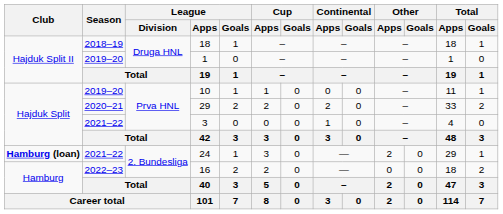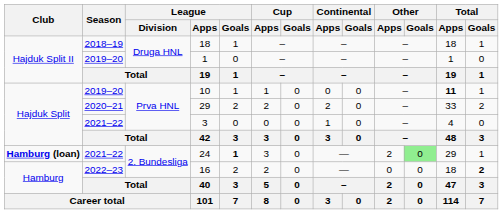 <table class="wikitable" style="text-align: center">
 <tr>
 <th rowspan="2">Club</th>
 <th rowspan="2">Season</th>
 <th colspan="3">League</th>
 <th colspan="2">Cup</th>
 <th colspan="2">Continental</th>
 <th colspan="2">Other</th>
 <th colspan="2">Total</th>
 </tr>
 <tr>
 <th>Division</th>
 <th>Apps</th>
 <th>Goals</th>
 <th>Apps</th>
 <th>Goals</th>
 <th>Apps</th>
 <th>Goals</th>
 <th>Apps</th>
 <th>Goals</th>
 <th>Apps</th>
 <th>Goals</th>
 </tr>
 <tr>
 <td rowspan="3"><a href='#'>Hajduk Split II</a></td>
 <td><a href='#'>2018–19</a></td>
 <td rowspan="2"><a href='#'>Druga HNL</a></td>
 <td>18</td>
 <td>1</td>
 <td colspan="2">–</td>
 <td colspan="2">–</td>
 <td colspan="2">–</td>
 <td>18</td>
 <td>1</td>
 </tr>
 <tr>
 <td><a href='#'>2019–20</a></td>
 <td>1</td>
 <td>0</td>
 <td colspan="2">–</td>
 <td colspan="2">–</td>
 <td colspan="2">–</td>
 <td>1</td>
 <td>0</td>
 </tr>
 <tr>
 <th colspan=2>Total</th>
 <th>19</th>
 <th>1</th>
 <th colspan="2">–</th>
 <th colspan="2">–</th>
 <th colspan="2">–</th>
 <th>19</th>
 <th>1</th>
 </tr>
 <tr>
 <td rowspan="4"><a href='#'>Hajduk Split</a></td>
 <td><a href='#'>2019–20</a></td>
 <td rowspan="3"><a href='#'>Prva HNL</a></td>
 <td>10</td>
 <td>1</td>
 <td>1</td>
 <td>0</td>
 <td>0</td>
 <td>0</td>
 <td colspan="2">–</td>
-<td>11</td>
+<td><strong>11</strong></td>
 <td>1</td>
 </tr>
 <tr>
 <td><a href='#'>2020–21</a></td>
 <td>29</td>
 <td>2</td>
 <td>2</td>
 <td>0</td>
 <td>2</td>
 <td>0</td>
 <td colspan="2">–</td>
 <td>33</td>
 <td>2</td>
 </tr>
 <tr>
 <td><a href='#'>2021–22</a></td>
 <td>3</td>
 <td>0</td>
 <td>0</td>
 <td>0</td>
 <td>1</td>
 <td>0</td>
 <td colspan="2">–</td>
 <td>4</td>
 <td>0</td>
 </tr>
 <tr>
 <th colspan=2>Total</th>
 <th>42</th>
 <th>3</th>
 <th>3</th>
 <th>0</th>
 <th>3</th>
 <th>0</th>
 <th colspan="2">–</th>
 <th>48</th>
 <th>3</th>
 </tr>
 <tr>
 <td rowspan="1"><strong><a href='#'>Hamburg</a> (loan)</strong></td>
 <td><a href='#'>2021–22</a></td>
 <td rowspan="2"><a href='#'>2. Bundesliga</a></td>
 <td>24</td>
-<td>1</td>
+<td><strong>1</strong></td>
 <td>3</td>
 <td>0</td>
 <td colspan="2">—</td>
 <td>2</td>
-<td>0</td>
+<td style="background: lightgreen;">0</td>
 <td>29</td>
 <td>1</td>
 </tr>
 <tr>
 <td rowspan="2"><a href='#'>Hamburg</a></td>
 <td><a href='#'>2022–23</a></td>
 <td>16</td>
 <td>2</td>
 <td>2</td>
 <td>0</td>
 <td colspan="2">—</td>
 <td>0</td>
 <td>0</td>
 <td>18</td>
-<td>2</td>
+<td><strong>2</strong></td>
 </tr>
 <tr>
 <th colspan=2>Total</th>
 <th>40</th>
 <th>3</th>
 <th>5</th>
 <th>0</th>
 <th colspan="2">–</th>
 <th>2</th>
 <th>0</th>
 <th>47</th>
 <th>3</th>
 </tr>
 <tr>
 <th colspan=3>Career total</th>
 <th>101</th>
 <th>7</th>
 <th>8</th>
 <th>0</th>
 <th>3</th>
 <th>0</th>
 <th>2</th>
 <th>0</th>
 <th>114</th>
 <th>7</th>
 </tr>
 </table>
